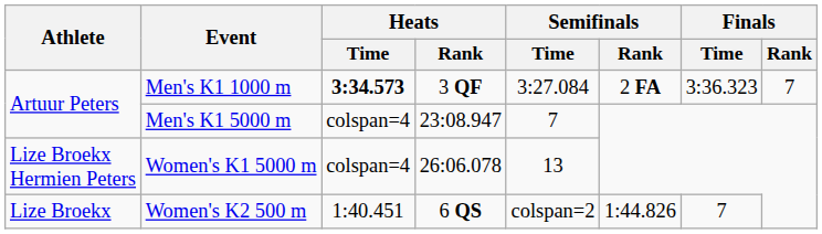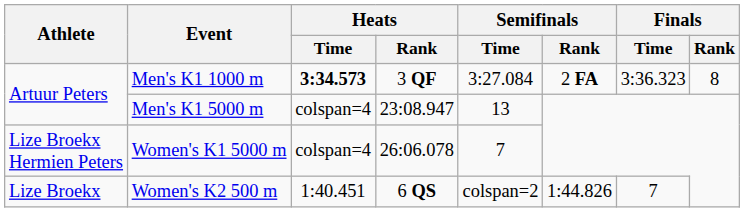 <table class="wikitable" style="font-size:90%">
 <tr>
 <th rowspan="2">Athlete</th>
 <th rowspan="2">Event</th>
 <th colspan=2>Heats</th>
 <th colspan=2>Semifinals</th>
 <th colspan=2>Finals</th>
 </tr>
 <tr style="font-size:95%">
 <th>Time</th>
 <th>Rank</th>
 <th>Time</th>
 <th>Rank</th>
 <th>Time</th>
 <th>Rank</th>
 </tr>
 <tr align=center>
 <td rowspan=2 align=left><a href='#'>Artuur Peters</a></td>
 <td align=left><a href='#'>Men's K1 1000 m</a></td>
 <td><strong>3:34.573</strong></td>
 <td>3 <strong>QF</strong></td>
 <td>3:27.084</td>
 <td>2 <strong>FA</strong></td>
 <td>3:36.323</td>
-<td>7</td>
+<td>8</td>
 </tr>
 <tr align=center>
 <td align=left><a href='#'>Men's K1 5000 m</a></td>
 <td>colspan=4 </td>
 <td>23:08.947</td>
-<td>7</td>
+<td>13</td>
 </tr>
 <tr align=center>
 <td align=left><a href='#'>Lize Broekx</a><br><a href='#'>Hermien Peters</a></td>
 <td><a href='#'>Women's K1 5000 m</a></td>
 <td>colspan=4 </td>
 <td>26:06.078</td>
-<td>13</td>
+<td>7</td>
 </tr>
 <tr align=center>
 <td align=left><a href='#'>Lize Broekx</a></td>
 <td align=left><a href='#'>Women's K2 500 m</a></td>
 <td>1:40.451</td>
 <td>6 <strong>QS</strong></td>
 <td>colspan=2 </td>
 <td>1:44.826</td>
 <td>7</td>
 </tr>
 </table>
